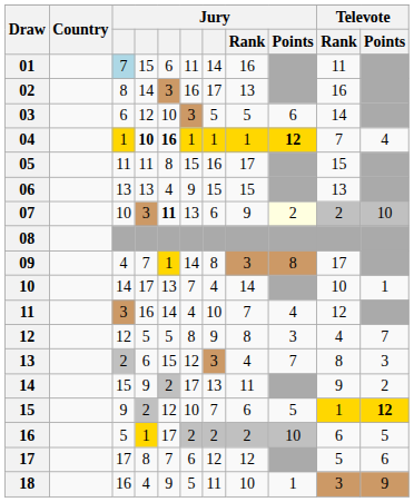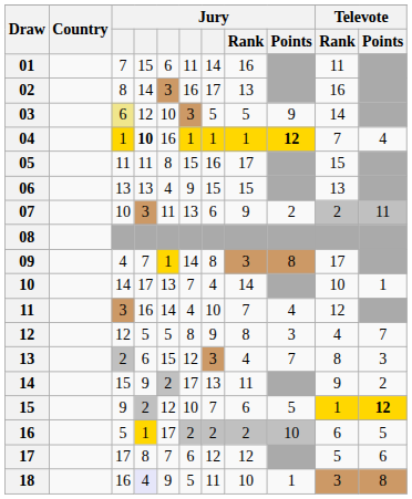 <table class="sortable wikitable collapsible plainrowheaders" style="text-align:center;">
 <tr>
 </tr>
 <tr>
 <th scope="col" rowspan="2">Draw</th>
 <th scope="col" rowspan="2">Country</th>
 <th scope="col" colspan="7">Jury</th>
 <th scope="col" colspan="2">Televote</th>
 </tr>
 <tr>
 <th scope="col"><small></small></th>
 <th scope="col"><small></small></th>
 <th scope="col"><small></small></th>
 <th scope="col"><small></small></th>
 <th scope="col"><small></small></th>
 <th scope="col">Rank</th>
 <th scope="col">Points</th>
 <th scope="col">Rank</th>
 <th scope="col">Points</th>
 </tr>
 <tr>
 <th scope="row" style="text-align:center;">01</th>
 <td style="text-align:left;"></td>
-<td style="background: lightblue;">7</td>
+<td>7</td>
 <td>15</td>
 <td>6</td>
 <td>11</td>
 <td>14</td>
 <td>16</td>
 <td style="background:#AAAAAA;"></td>
 <td>11</td>
 <td style="background:#AAAAAA;"></td>
 </tr>
 <tr>
 <th scope="row" style="text-align:center;">02</th>
 <td style="text-align:left;"></td>
 <td>8</td>
 <td>14</td>
 <td style="background:#CC9966;">3</td>
 <td>16</td>
 <td>17</td>
 <td>13</td>
 <td style="background:#AAAAAA;"></td>
 <td>16</td>
 <td style="background:#AAAAAA;"></td>
 </tr>
 <tr>
 <th scope="row" style="text-align:center;">03</th>
 <td style="text-align:left;"></td>
-<td>6</td>
+<td style="background: khaki;">6</td>
 <td>12</td>
 <td>10</td>
 <td style="background:#CC9966;">3</td>
 <td>5</td>
 <td>5</td>
-<td>6</td>
+<td>9</td>
 <td>14</td>
 <td style="background:#AAAAAA;"></td>
 </tr>
 <tr>
 <th scope="row" style="text-align:center;">04</th>
 <td style="text-align:left;"></td>
 <td style="background:gold;">1</td>
 <td><strong>10</strong></td>
-<td><strong>16</strong></td>
+<td>16</td>
 <td style="background:gold;">1</td>
 <td style="background:gold;">1</td>
 <td style="background:gold;">1</td>
 <td style="background:gold;"><strong>12</strong></td>
 <td>7</td>
 <td>4</td>
 </tr>
 <tr>
 <th scope="row" style="text-align:center;">05</th>
 <td style="text-align:left;"></td>
 <td>11</td>
 <td>11</td>
 <td>8</td>
 <td>15</td>
 <td>16</td>
 <td>17</td>
 <td style="background:#AAAAAA;"></td>
 <td>15</td>
 <td style="background:#AAAAAA;"></td>
 </tr>
 <tr>
 <th scope="row" style="text-align:center;">06</th>
 <td style="text-align:left;"></td>
 <td>13</td>
 <td>13</td>
 <td>4</td>
 <td>9</td>
 <td>15</td>
 <td>15</td>
 <td style="background:#AAAAAA;"></td>
 <td>13</td>
 <td style="background:#AAAAAA;"></td>
 </tr>
 <tr>
 <th scope="row" style="text-align:center;">07</th>
 <td style="text-align:left;"></td>
 <td>10</td>
 <td style="background:#CC9966;">3</td>
-<td><strong>11</strong></td>
+<td>11</td>
 <td>13</td>
 <td>6</td>
 <td>9</td>
-<td style="background: lightyellow;">2</td>
+<td>2</td>
 <td style="background:silver;">2</td>
-<td style="background:silver;">10</td>
+<td style="background:silver;">11</td>
 </tr>
 <tr class="sortbottom">
 <th scope="row" style="text-align:center;">08</th>
 <td style="text-align:left;"></td>
 <td style="background:#AAAAAA;"></td>
 <td style="background:#AAAAAA;"></td>
 <td style="background:#AAAAAA;"></td>
 <td style="background:#AAAAAA;"></td>
 <td style="background:#AAAAAA;"></td>
 <td style="background:#AAAAAA;"></td>
 <td style="background:#AAAAAA;"></td>
 <td style="background:#AAAAAA;"></td>
 <td style="background:#AAAAAA;"></td>
 </tr>
 <tr>
 <th scope="row" style="text-align:center;">09</th>
 <td style="text-align:left;"></td>
 <td>4</td>
 <td>7</td>
 <td style="background:gold;">1</td>
 <td>14</td>
 <td>8</td>
 <td style="background:#CC9966;">3</td>
 <td style="background:#CC9966;">8</td>
 <td>17</td>
 <td style="background:#AAAAAA;"></td>
 </tr>
 <tr>
 <th scope="row" style="text-align:center;">10</th>
 <td style="text-align:left;"></td>
 <td>14</td>
 <td>17</td>
 <td>13</td>
 <td>7</td>
 <td>4</td>
 <td>14</td>
 <td style="background:#AAAAAA;"></td>
 <td>10</td>
 <td>1</td>
 </tr>
 <tr>
 <th scope="row" style="text-align:center;">11</th>
 <td style="text-align:left;"></td>
 <td style="background:#CC9966;">3</td>
 <td>16</td>
 <td>14</td>
 <td>4</td>
 <td>10</td>
 <td>7</td>
 <td>4</td>
 <td>12</td>
 <td style="background:#AAAAAA;"></td>
 </tr>
 <tr>
 <th scope="row" style="text-align:center;">12</th>
 <td style="text-align:left;"></td>
 <td>12</td>
 <td>5</td>
 <td>5</td>
 <td>8</td>
 <td>9</td>
 <td>8</td>
 <td>3</td>
 <td>4</td>
 <td>7</td>
 </tr>
 <tr>
 <th scope="row" style="text-align:center;">13</th>
 <td style="text-align:left;"></td>
 <td style="background:silver;">2</td>
 <td>6</td>
 <td>15</td>
 <td>12</td>
 <td style="background:#CC9966;">3</td>
 <td>4</td>
 <td>7</td>
 <td>8</td>
 <td>3</td>
 </tr>
 <tr>
 <th scope="row" style="text-align:center;">14</th>
 <td style="text-align:left;"></td>
 <td>15</td>
 <td>9</td>
 <td style="background:silver;">2</td>
 <td>17</td>
 <td>13</td>
 <td>11</td>
 <td style="background:#AAAAAA;"></td>
 <td>9</td>
 <td>2</td>
 </tr>
 <tr>
 <th scope="row" style="text-align:center;">15</th>
 <td style="text-align:left;"></td>
 <td>9</td>
 <td style="background:silver;">2</td>
 <td>12</td>
 <td>10</td>
 <td>7</td>
 <td>6</td>
 <td>5</td>
 <td style="background:gold;">1</td>
 <td style="background:gold;"><strong>12</strong></td>
 </tr>
 <tr>
 <th scope="row" style="text-align:center;">16</th>
 <td style="text-align:left;"></td>
 <td>5</td>
 <td style="background:gold;">1</td>
 <td>17</td>
 <td style="background:silver;">2</td>
 <td style="background:silver;">2</td>
 <td style="background:silver;">2</td>
 <td style="background:silver;">10</td>
 <td>6</td>
 <td>5</td>
 </tr>
 <tr>
 <th scope="row" style="text-align:center;">17</th>
 <td style="text-align:left;"></td>
 <td>17</td>
 <td>8</td>
 <td>7</td>
 <td>6</td>
 <td>12</td>
 <td>12</td>
 <td style="background:#AAAAAA;"></td>
 <td>5</td>
 <td>6</td>
 </tr>
 <tr>
 <th scope="row" style="text-align:center;">18</th>
 <td style="text-align:left;"></td>
 <td>16</td>
-<td>4</td>
+<td style="background: lavender;">4</td>
 <td>9</td>
 <td>5</td>
 <td>11</td>
 <td>10</td>
 <td>1</td>
 <td style="background:#CC9966;">3</td>
-<td style="background:#CC9966;">9</td>
+<td style="background:#CC9966;">8</td>
 </tr>
 </table>
